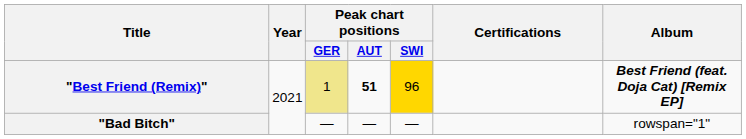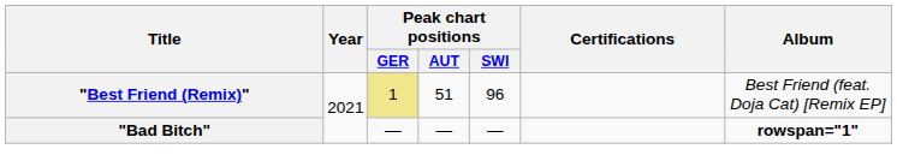 <table class="wikitable plainrowheaders" style="text-align: center;">
 <tr>
 <th scope="col" rowspan="2" style="width:19em;">Title</th>
 <th scope="col" rowspan="2">Year</th>
 <th scope="col" colspan="3">Peak chart positions</th>
 <th scope="col" rowspan="2" style="width:12em;">Certifications</th>
 <th rowspan="2">Album</th>
 </tr>
 <tr>
 <th scope="col" style="width:3em;font-size:90%;"><a href='#'>GER</a><br></th>
 <th scope="col" style="width:3em;font-size:90%;"><a href='#'>AUT</a><br></th>
 <th scope="col" style="width:3em;font-size:90%;"><a href='#'>SWI</a><br></th>
 </tr>
 <tr>
 <th scope="row">"<a href='#'>Best Friend (Remix)</a>"<br></th>
 <td rowspan="2">2021</td>
 <td style="background: khaki;">1</td>
-<td><strong>51</strong></td>
-<td style="background: gold;">96</td>
+<td>51</td>
+<td>96</td>
 <td></td>
-<td><strong><em>Best Friend (feat. Doja Cat) [Remix EP]</em></strong></td>
+<td><em>Best Friend (feat. Doja Cat) [Remix EP]</em></td>
 </tr>
 <tr>
 <th scope="row">"Bad Bitch"<br></th>
 <td>—</td>
 <td>—</td>
 <td>—</td>
 <td></td>
-<td>rowspan="1" </td>
+<td><strong>rowspan="1" </strong></td>
 </tr>
 </table>
